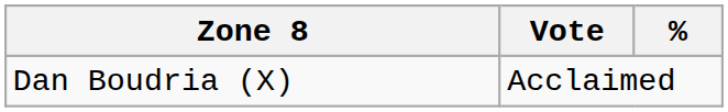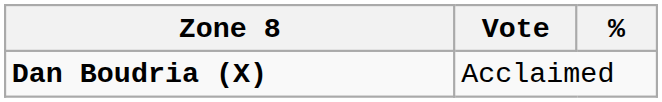 <table class="wikitable">
 <tr>
 <th bgcolor="#DDDDFF" width="200px">Zone 8</th>
 <th bgcolor="#DDDDFF" width="50px">Vote</th>
 <th bgcolor="#DDDDFF" width="30px">%</th>
 </tr>
 <tr>
-<td>Dan Boudria (X)</td>
+<td><strong>Dan Boudria (X)</strong></td>
 <td colspan="2">Acclaimed</td>
 </tr>
 </table>
